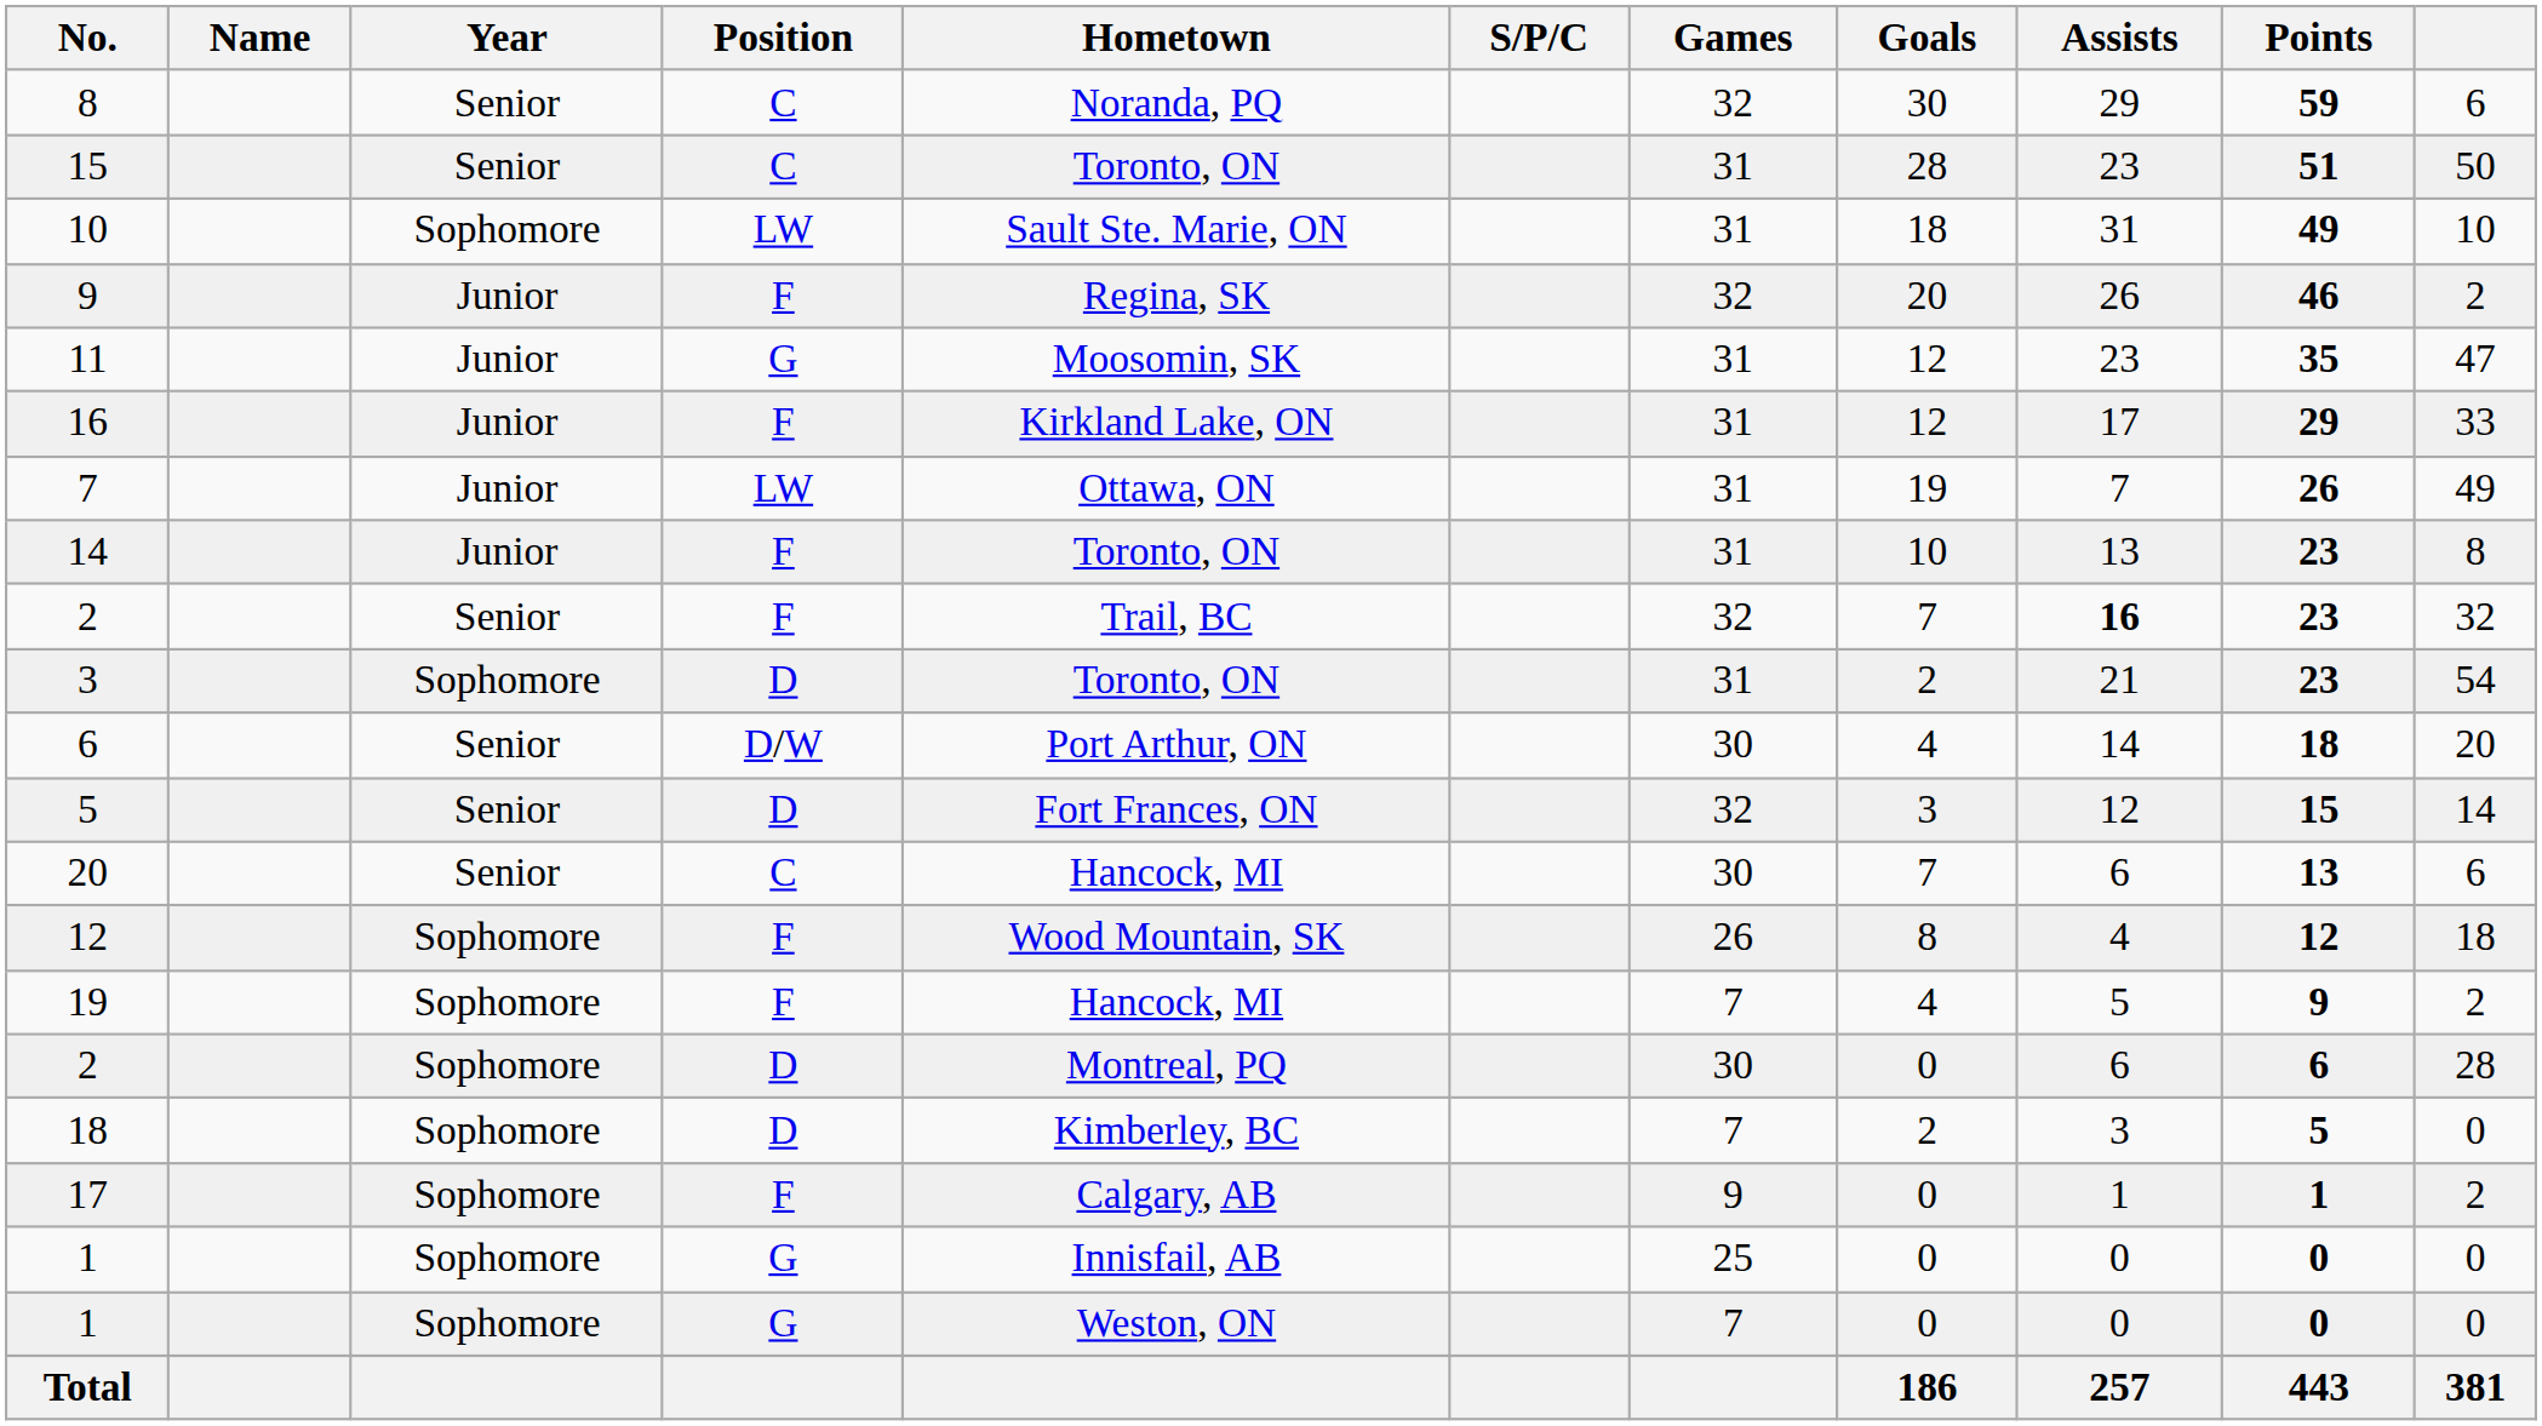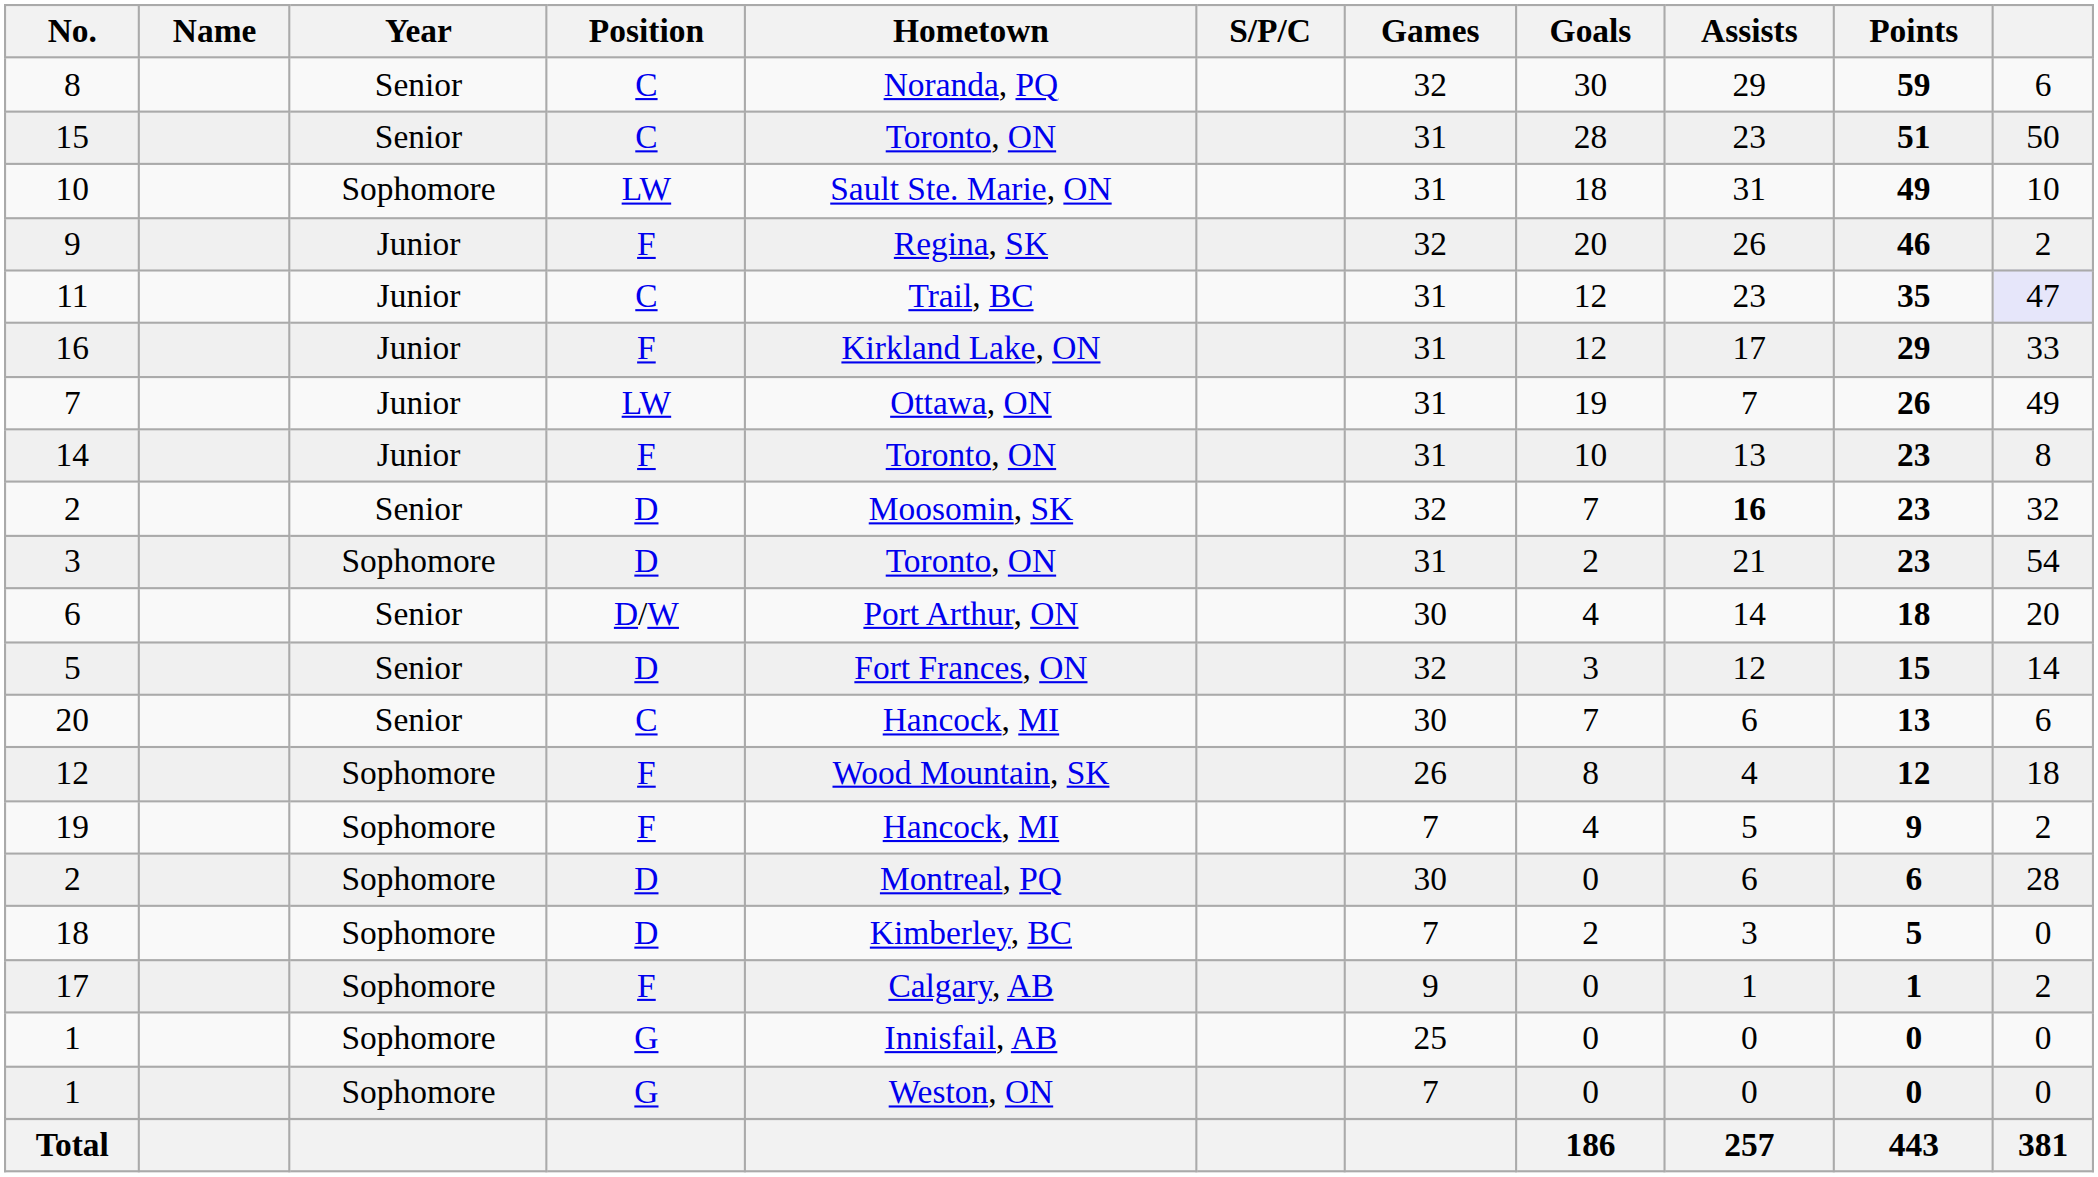 <table class="wikitable sortable" width ="1000">
 <tr align="center">
 <th><strong>No.</strong></th>
 <th><strong>Name</strong></th>
 <th><strong>Year</strong></th>
 <th><strong>Position</strong></th>
 <th><strong>Hometown</strong></th>
 <th><strong>S/P/C</strong></th>
 <th><strong>Games</strong></th>
 <th><strong>Goals</strong></th>
 <th><strong>Assists</strong></th>
 <th><strong>Points</strong></th>
 <th><strong><a href='#'></a></strong></th>
 </tr>
 <tr align="center" bgcolor="">
 <td>8</td>
 <td></td>
 <td>Senior</td>
 <td><a href='#'>C</a></td>
 <td><a href='#'>Noranda</a>, <a href='#'>PQ</a></td>
 <td></td>
 <td>32</td>
 <td>30</td>
 <td>29</td>
 <td><strong>59</strong></td>
 <td>6</td>
 </tr>
 <tr align="center" bgcolor="#f0f0f0">
 <td>15</td>
 <td></td>
 <td>Senior</td>
 <td><a href='#'>C</a></td>
 <td><a href='#'>Toronto</a>, <a href='#'>ON</a></td>
 <td></td>
 <td>31</td>
 <td>28</td>
 <td>23</td>
 <td><strong>51</strong></td>
 <td>50</td>
 </tr>
 <tr align="center">
 <td>10</td>
 <td></td>
 <td>Sophomore</td>
 <td><a href='#'>LW</a></td>
 <td><a href='#'>Sault Ste. Marie</a>, <a href='#'>ON</a></td>
 <td></td>
 <td>31</td>
 <td>18</td>
 <td>31</td>
 <td><strong>49</strong></td>
 <td>10</td>
 </tr>
 <tr align="center" bgcolor="#f0f0f0">
 <td>9</td>
 <td></td>
 <td>Junior</td>
 <td><a href='#'>F</a></td>
 <td><a href='#'>Regina</a>, <a href='#'>SK</a></td>
 <td></td>
 <td>32</td>
 <td>20</td>
 <td>26</td>
 <td><strong>46</strong></td>
 <td>2</td>
 </tr>
 <tr align="center">
 <td>11</td>
 <td></td>
 <td>Junior</td>
-<td><a href='#'>G</a></td>
-<td><a href='#'>Moosomin</a>, <a href='#'>SK</a></td>
+<td><a href='#'>C</a></td>
+<td><a href='#'>Trail</a>, <a href='#'>BC</a></td>
 <td></td>
 <td>31</td>
 <td>12</td>
 <td>23</td>
 <td><strong>35</strong></td>
-<td>47</td>
+<td style="background: lavender;">47</td>
 </tr>
 <tr align="center" bgcolor="#f0f0f0">
 <td>16</td>
 <td></td>
 <td>Junior</td>
 <td><a href='#'>F</a></td>
 <td><a href='#'>Kirkland Lake</a>, <a href='#'>ON</a></td>
 <td></td>
 <td>31</td>
 <td>12</td>
 <td>17</td>
 <td><strong>29</strong></td>
 <td>33</td>
 </tr>
 <tr align="center">
 <td>7</td>
 <td></td>
 <td>Junior</td>
 <td><a href='#'>LW</a></td>
 <td><a href='#'>Ottawa</a>, <a href='#'>ON</a></td>
 <td></td>
 <td>31</td>
 <td>19</td>
 <td>7</td>
 <td><strong>26</strong></td>
 <td>49</td>
 </tr>
 <tr align="center" bgcolor="#f0f0f0">
 <td>14</td>
 <td></td>
 <td>Junior</td>
 <td><a href='#'>F</a></td>
 <td><a href='#'>Toronto</a>, <a href='#'>ON</a></td>
 <td></td>
 <td>31</td>
 <td>10</td>
 <td>13</td>
 <td><strong>23</strong></td>
 <td>8</td>
 </tr>
 <tr align="center">
 <td>2</td>
 <td></td>
 <td>Senior</td>
-<td><a href='#'>F</a></td>
-<td><a href='#'>Trail</a>, <a href='#'>BC</a></td>
+<td><a href='#'>D</a></td>
+<td><a href='#'>Moosomin</a>, <a href='#'>SK</a></td>
 <td></td>
 <td>32</td>
 <td>7</td>
 <td><strong>16</strong></td>
 <td><strong>23</strong></td>
 <td>32</td>
 </tr>
 <tr align="center" bgcolor="#f0f0f0">
 <td>3</td>
 <td></td>
 <td>Sophomore</td>
 <td><a href='#'>D</a></td>
 <td><a href='#'>Toronto</a>, <a href='#'>ON</a></td>
 <td></td>
 <td>31</td>
 <td>2</td>
 <td>21</td>
 <td><strong>23</strong></td>
 <td>54</td>
 </tr>
 <tr align="center">
 <td>6</td>
 <td></td>
 <td>Senior</td>
 <td><a href='#'>D</a>/<a href='#'>W</a></td>
 <td><a href='#'>Port Arthur</a>, <a href='#'>ON</a></td>
 <td></td>
 <td>30</td>
 <td>4</td>
 <td>14</td>
 <td><strong>18</strong></td>
 <td>20</td>
 </tr>
 <tr align="center" bgcolor="#f0f0f0">
 <td>5</td>
 <td></td>
 <td>Senior</td>
 <td><a href='#'>D</a></td>
 <td><a href='#'>Fort Frances</a>, <a href='#'>ON</a></td>
 <td></td>
 <td>32</td>
 <td>3</td>
 <td>12</td>
 <td><strong>15</strong></td>
 <td>14</td>
 </tr>
 <tr align="center">
 <td>20</td>
 <td></td>
 <td>Senior</td>
 <td><a href='#'>C</a></td>
 <td><a href='#'>Hancock</a>, <a href='#'>MI</a></td>
 <td></td>
 <td>30</td>
 <td>7</td>
 <td>6</td>
 <td><strong>13</strong></td>
 <td>6</td>
 </tr>
 <tr align="center" bgcolor="#f0f0f0">
 <td>12</td>
 <td></td>
 <td>Sophomore</td>
 <td><a href='#'>F</a></td>
 <td><a href='#'>Wood Mountain</a>, <a href='#'>SK</a></td>
 <td></td>
 <td>26</td>
 <td>8</td>
 <td>4</td>
 <td><strong>12</strong></td>
 <td>18</td>
 </tr>
 <tr align="center">
 <td>19</td>
 <td></td>
 <td>Sophomore</td>
 <td><a href='#'>F</a></td>
 <td><a href='#'>Hancock</a>, <a href='#'>MI</a></td>
 <td></td>
 <td>7</td>
 <td>4</td>
 <td>5</td>
 <td><strong>9</strong></td>
 <td>2</td>
 </tr>
 <tr align="center" bgcolor="#f0f0f0">
 <td>2</td>
 <td></td>
 <td>Sophomore</td>
 <td><a href='#'>D</a></td>
 <td><a href='#'>Montreal</a>, <a href='#'>PQ</a></td>
 <td></td>
 <td>30</td>
 <td>0</td>
 <td>6</td>
 <td><strong>6</strong></td>
 <td>28</td>
 </tr>
 <tr align="center">
 <td>18</td>
 <td></td>
 <td>Sophomore</td>
 <td><a href='#'>D</a></td>
 <td><a href='#'>Kimberley</a>, <a href='#'>BC</a></td>
 <td></td>
 <td>7</td>
 <td>2</td>
 <td>3</td>
 <td><strong>5</strong></td>
 <td>0</td>
 </tr>
 <tr align="center" bgcolor="#f0f0f0">
 <td>17</td>
 <td></td>
 <td>Sophomore</td>
 <td><a href='#'>F</a></td>
 <td><a href='#'>Calgary</a>, <a href='#'>AB</a></td>
 <td></td>
 <td>9</td>
 <td>0</td>
 <td>1</td>
 <td><strong>1</strong></td>
 <td>2</td>
 </tr>
 <tr align="center">
 <td>1</td>
 <td></td>
 <td>Sophomore</td>
 <td><a href='#'>G</a></td>
 <td><a href='#'>Innisfail</a>, <a href='#'>AB</a></td>
 <td></td>
 <td>25</td>
 <td>0</td>
 <td>0</td>
 <td><strong>0</strong></td>
 <td>0</td>
 </tr>
 <tr align="center" bgcolor="#f0f0f0">
 <td>1</td>
 <td></td>
 <td>Sophomore</td>
 <td><a href='#'>G</a></td>
 <td><a href='#'>Weston</a>, <a href='#'>ON</a></td>
 <td></td>
 <td>7</td>
 <td>0</td>
 <td>0</td>
 <td><strong>0</strong></td>
 <td>0</td>
 </tr>
 <tr align="center">
 </tr>
 <tr>
 <th>Total</th>
 <th></th>
 <th></th>
 <th></th>
 <th></th>
 <th></th>
 <th></th>
 <th>186</th>
 <th>257</th>
 <th>443</th>
 <th>381</th>
 </tr>
 </table>
